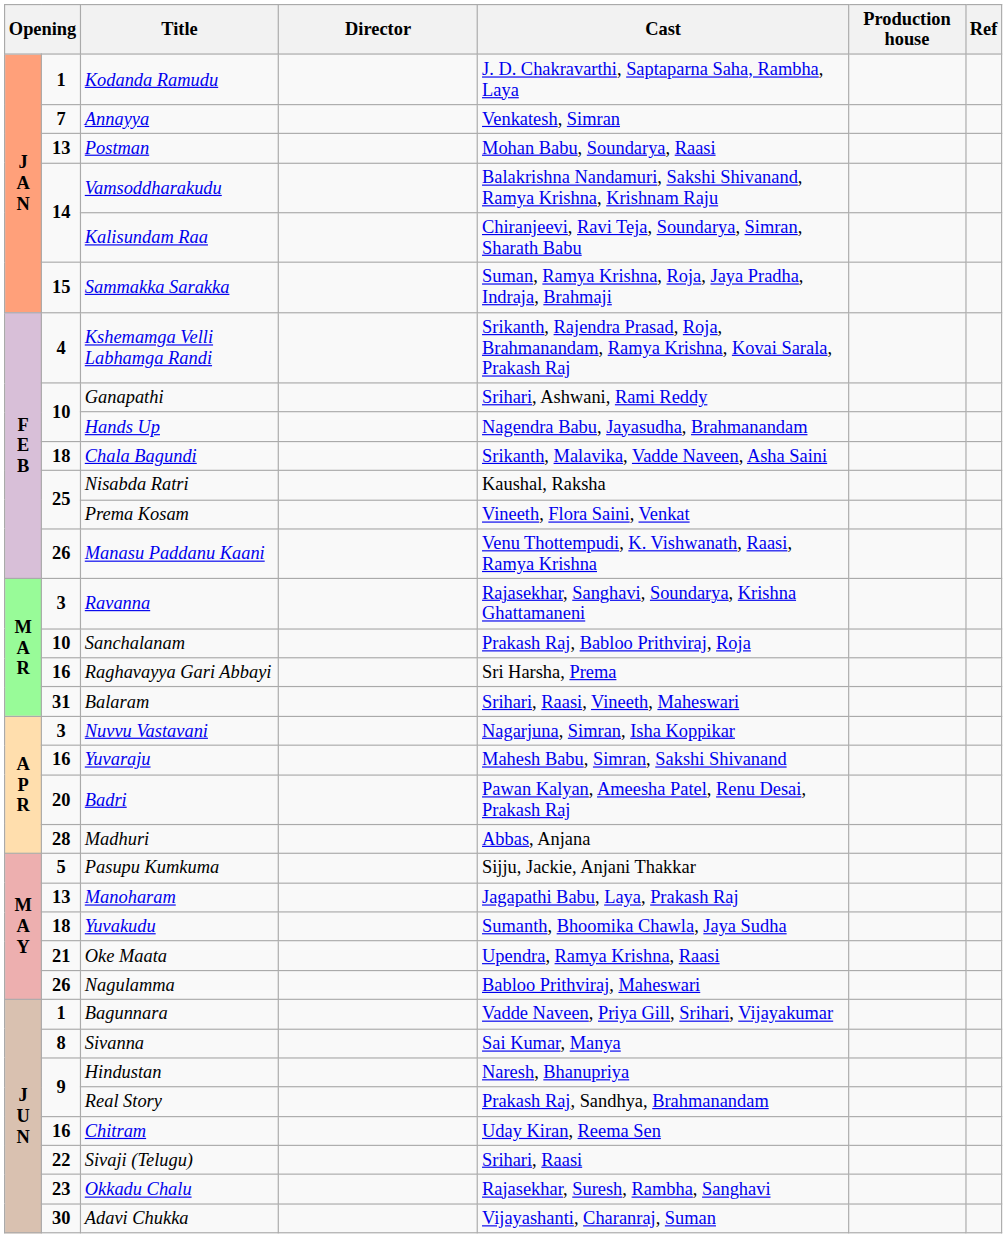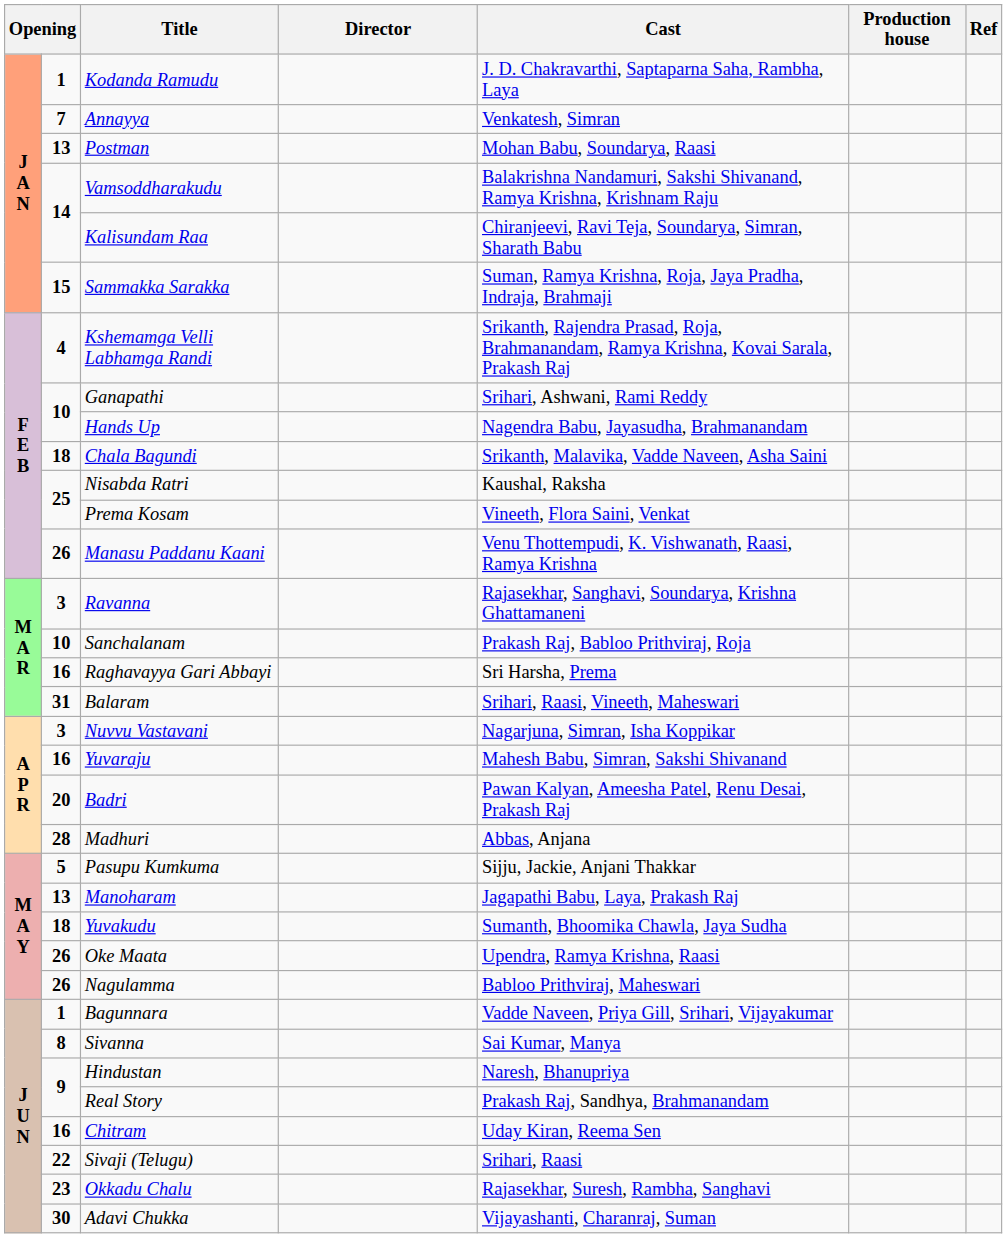 <table class="wikitable sortable">
 <tr style="background:#blue; text-align:center;">
 <th colspan="2">Opening</th>
 <th>Title</th>
 <th style="width:20%;"><strong>Director</strong></th>
 <th>Cast</th>
 <th>Production house</th>
 <th>Ref</th>
 </tr>
 <tr January!>
 <td rowspan="6" valign="center" align="center" style="text-align:center; background:#FFA07A; textcolor:#000;"><strong>J<br>A<br>N</strong></td>
 <td rowspan="1" style="text-align:center;"><strong>1</strong></td>
 <td><em><a href='#'>Kodanda Ramudu</a></em></td>
 <td></td>
 <td><a href='#'>J. D. Chakravarthi</a>, <a href='#'>Saptaparna Saha, Rambha</a>, <a href='#'>Laya</a></td>
 <td></td>
 <td></td>
 </tr>
 <tr>
 <td rowspan="1" style="text-align:center;"><strong>7</strong></td>
 <td><em><a href='#'>Annayya</a></em></td>
 <td></td>
 <td><a href='#'>Venkatesh</a>, <a href='#'>Simran</a></td>
 <td></td>
 <td></td>
 </tr>
 <tr>
 <td rowspan="1" style="text-align:center;"><strong>13</strong></td>
 <td><em><a href='#'>Postman</a></em></td>
 <td></td>
 <td><a href='#'>Mohan Babu</a>, <a href='#'>Soundarya</a>, <a href='#'>Raasi</a></td>
 <td></td>
 <td></td>
 </tr>
 <tr>
 <td rowspan="2" style="text-align:center;"><strong>14</strong></td>
 <td><em><a href='#'>Vamsoddharakudu</a></em></td>
 <td></td>
 <td><a href='#'>Balakrishna Nandamuri</a>, <a href='#'>Sakshi Shivanand</a>, <a href='#'>Ramya Krishna</a>, <a href='#'>Krishnam Raju</a></td>
 <td></td>
 <td></td>
 </tr>
 <tr>
 <td><em><a href='#'>Kalisundam Raa</a></em></td>
 <td></td>
 <td><a href='#'>Chiranjeevi</a>, <a href='#'>Ravi Teja</a>, <a href='#'>Soundarya</a>, <a href='#'>Simran</a>, <a href='#'>Sharath Babu</a></td>
 <td></td>
 <td></td>
 </tr>
 <tr>
 <td rowspan="1" style="text-align:center;"><strong>15</strong></td>
 <td><em><a href='#'>Sammakka Sarakka</a></em></td>
 <td></td>
 <td><a href='#'>Suman</a>, <a href='#'>Ramya Krishna</a>, <a href='#'>Roja</a>, <a href='#'>Jaya Pradha</a>, <a href='#'>Indraja</a>, <a href='#'>Brahmaji</a></td>
 <td></td>
 <td></td>
 </tr>
 <tr February!>
 <td rowspan="7" valign="center" align="center" style="background:#D8BFD8; textcolor:#000;"><strong>F<br>E<br>B</strong></td>
 <td rowspan="1" style="text-align:center;"><strong>4</strong></td>
 <td><em><a href='#'>Kshemamga Velli Labhamga Randi</a></em></td>
 <td></td>
 <td><a href='#'>Srikanth</a>, <a href='#'>Rajendra Prasad</a>, <a href='#'>Roja</a>, <a href='#'>Brahmanandam</a>, <a href='#'>Ramya Krishna</a>, <a href='#'>Kovai Sarala</a>, <a href='#'>Prakash Raj</a></td>
 <td></td>
 <td></td>
 </tr>
 <tr>
 <td rowspan="2" style="text-align:center;"><strong>10</strong></td>
 <td><em>Ganapathi</em></td>
 <td></td>
 <td><a href='#'>Srihari</a>, Ashwani, <a href='#'>Rami Reddy</a></td>
 <td></td>
 <td></td>
 </tr>
 <tr>
 <td><em><a href='#'>Hands Up</a></em></td>
 <td></td>
 <td><a href='#'>Nagendra Babu</a>, <a href='#'>Jayasudha</a>, <a href='#'>Brahmanandam</a></td>
 <td></td>
 <td></td>
 </tr>
 <tr>
 <td rowspan="1" style="text-align:center;"><strong>18</strong></td>
 <td><em><a href='#'>Chala Bagundi</a></em></td>
 <td></td>
 <td><a href='#'>Srikanth</a>, <a href='#'>Malavika</a>, <a href='#'>Vadde Naveen</a>, <a href='#'>Asha Saini</a></td>
 <td></td>
 <td></td>
 </tr>
 <tr>
 <td rowspan="2" style="text-align:center;"><strong>25</strong></td>
 <td><em>Nisabda Ratri</em></td>
 <td></td>
 <td>Kaushal, Raksha</td>
 <td></td>
 <td></td>
 </tr>
 <tr>
 <td><em>Prema Kosam</em></td>
 <td></td>
 <td><a href='#'>Vineeth</a>, <a href='#'>Flora Saini</a>, <a href='#'>Venkat</a></td>
 <td></td>
 <td></td>
 </tr>
 <tr>
 <td rowspan="1" style="text-align:center;"><strong>26</strong></td>
 <td><em><a href='#'>Manasu Paddanu Kaani</a></em></td>
 <td></td>
 <td><a href='#'>Venu Thottempudi</a>, <a href='#'>K. Vishwanath</a>, <a href='#'>Raasi</a>, <a href='#'>Ramya Krishna</a></td>
 <td></td>
 <td></td>
 </tr>
 <tr March!>
 <td rowspan="4" valign="center" align="center" style="background:#98FB98; textcolor:#000;"><strong>M<br>A<br>R</strong></td>
 <td rowspan="1" style="text-align:center;"><strong>3</strong></td>
 <td><em><a href='#'>Ravanna</a></em></td>
 <td></td>
 <td><a href='#'>Rajasekhar</a>, <a href='#'>Sanghavi</a>, <a href='#'>Soundarya</a>, <a href='#'>Krishna Ghattamaneni</a></td>
 <td></td>
 <td></td>
 </tr>
 <tr>
 <td rowspan="1" style="text-align:center;"><strong>10</strong></td>
 <td><em>Sanchalanam</em></td>
 <td></td>
 <td><a href='#'>Prakash Raj</a>, <a href='#'>Babloo Prithviraj</a>, <a href='#'>Roja</a></td>
 <td></td>
 <td></td>
 </tr>
 <tr>
 <td rowspan="1" style="text-align:center;"><strong>16</strong></td>
 <td><em>Raghavayya Gari Abbayi</em></td>
 <td></td>
 <td>Sri Harsha, <a href='#'>Prema</a></td>
 <td></td>
 <td></td>
 </tr>
 <tr>
 <td rowspan="1" style="text-align:center;"><strong>31</strong></td>
 <td><em>Balaram</em></td>
 <td></td>
 <td><a href='#'>Srihari</a>, <a href='#'>Raasi</a>, <a href='#'>Vineeth</a>, <a href='#'>Maheswari</a></td>
 <td></td>
 <td></td>
 </tr>
 <tr April!>
 <td rowspan="4"  valign="center" align="center" style="background:#FFDEAD; textcolor:#000;"><strong>A<br>P<br>R</strong></td>
 <td rowspan="1" style="text-align:center;"><strong>3</strong></td>
 <td><em><a href='#'>Nuvvu Vastavani</a></em></td>
 <td></td>
 <td><a href='#'>Nagarjuna</a>, <a href='#'>Simran</a>, <a href='#'>Isha Koppikar</a></td>
 <td></td>
 <td></td>
 </tr>
 <tr>
 <td rowspan="1" style="text-align:center;"><strong>16</strong></td>
 <td><em><a href='#'>Yuvaraju</a></em></td>
 <td></td>
 <td><a href='#'>Mahesh Babu</a>, <a href='#'>Simran</a>, <a href='#'>Sakshi Shivanand</a></td>
 <td></td>
 <td></td>
 </tr>
 <tr>
 <td rowspan="1" style="text-align:center;"><strong>20</strong></td>
 <td><em><a href='#'>Badri</a></em></td>
 <td></td>
 <td><a href='#'>Pawan Kalyan</a>, <a href='#'>Ameesha Patel</a>, <a href='#'>Renu Desai</a>, <a href='#'>Prakash Raj</a></td>
 <td></td>
 <td></td>
 </tr>
 <tr>
 <td rowspan="1" style="text-align:center;"><strong>28</strong></td>
 <td><em>Madhuri</em></td>
 <td></td>
 <td><a href='#'>Abbas</a>, Anjana</td>
 <td></td>
 <td></td>
 </tr>
 <tr May!>
 <td rowspan="5"    valign="center" align="center" style="background:#edafaf; textcolor:#000;"><strong>M<br>A<br>Y</strong></td>
 <td rowspan="1" style="text-align:center;"><strong>5</strong></td>
 <td><em>Pasupu Kumkuma</em></td>
 <td></td>
 <td>Sijju, Jackie, Anjani Thakkar</td>
 <td></td>
 <td></td>
 </tr>
 <tr>
 <td rowspan="1" style="text-align:center;"><strong>13</strong></td>
 <td><em><a href='#'>Manoharam</a></em></td>
 <td></td>
 <td><a href='#'>Jagapathi Babu</a>, <a href='#'>Laya</a>, <a href='#'>Prakash Raj</a></td>
 <td></td>
 <td></td>
 </tr>
 <tr>
 <td rowspan="1" style="text-align:center;"><strong>18</strong></td>
 <td><em><a href='#'>Yuvakudu</a></em></td>
 <td></td>
 <td><a href='#'>Sumanth</a>, <a href='#'>Bhoomika Chawla</a>, <a href='#'>Jaya Sudha</a></td>
 <td></td>
 <td></td>
 </tr>
 <tr>
-<td rowspan="1" style="text-align:center;"><strong>21</strong></td>
+<td rowspan="1" style="text-align:center;"><strong>26</strong></td>
 <td><em>Oke Maata</em></td>
 <td></td>
 <td><a href='#'>Upendra</a>, <a href='#'>Ramya Krishna</a>, <a href='#'>Raasi</a></td>
 <td></td>
 <td></td>
 </tr>
 <tr>
 <td rowspan="1" style="text-align:center;"><strong>26</strong></td>
 <td><em>Nagulamma</em></td>
 <td></td>
 <td><a href='#'>Babloo Prithviraj</a>, <a href='#'>Maheswari</a></td>
 <td></td>
 <td></td>
 </tr>
 <tr June!>
 <td rowspan="8"   valign="center" align="center" style="background:#d9c1b0; textcolor:#000;"><strong>J<br>U<br>N</strong></td>
 <td rowspan="1" style="text-align:center;"><strong>1</strong></td>
 <td><em>Bagunnara</em></td>
 <td></td>
 <td><a href='#'>Vadde Naveen</a>, <a href='#'>Priya Gill</a>, <a href='#'>Srihari</a>, <a href='#'>Vijayakumar</a></td>
 <td></td>
 <td></td>
 </tr>
 <tr>
 <td rowspan="1" style="text-align:center;"><strong>8</strong></td>
 <td><em>Sivanna</em></td>
 <td></td>
 <td><a href='#'>Sai Kumar</a>, <a href='#'>Manya</a></td>
 <td></td>
 <td></td>
 </tr>
 <tr>
 <td rowspan="2" style="text-align:center;"><strong>9</strong></td>
 <td><em>Hindustan</em></td>
 <td></td>
 <td><a href='#'>Naresh</a>, <a href='#'>Bhanupriya</a></td>
 <td></td>
 <td></td>
 </tr>
 <tr>
 <td><em>Real Story</em></td>
 <td></td>
 <td><a href='#'>Prakash Raj</a>, Sandhya, <a href='#'>Brahmanandam</a></td>
 <td></td>
 <td></td>
 </tr>
 <tr>
 <td rowspan="1" style="text-align:center;"><strong>16</strong></td>
 <td><em><a href='#'>Chitram</a></em></td>
 <td></td>
 <td><a href='#'>Uday Kiran</a>, <a href='#'>Reema Sen</a></td>
 <td></td>
 <td></td>
 </tr>
 <tr>
 <td rowspan="1" style="text-align:center;"><strong>22</strong></td>
 <td><em>Sivaji (Telugu)</em></td>
 <td></td>
 <td><a href='#'>Srihari</a>, <a href='#'>Raasi</a></td>
 <td></td>
 <td></td>
 </tr>
 <tr>
 <td rowspan="1" style="text-align:center;"><strong>23</strong></td>
 <td><em><a href='#'>Okkadu Chalu</a></em></td>
 <td></td>
 <td><a href='#'>Rajasekhar</a>, <a href='#'>Suresh</a>, <a href='#'>Rambha</a>, <a href='#'>Sanghavi</a></td>
 <td></td>
 <td></td>
 </tr>
 <tr>
 <td rowspan="1" style="text-align:center;"><strong>30</strong></td>
 <td><em>Adavi Chukka</em></td>
 <td></td>
 <td><a href='#'>Vijayashanti</a>, <a href='#'>Charanraj</a>, <a href='#'>Suman</a></td>
 <td></td>
 <td></td>
 </tr>
 </table>
